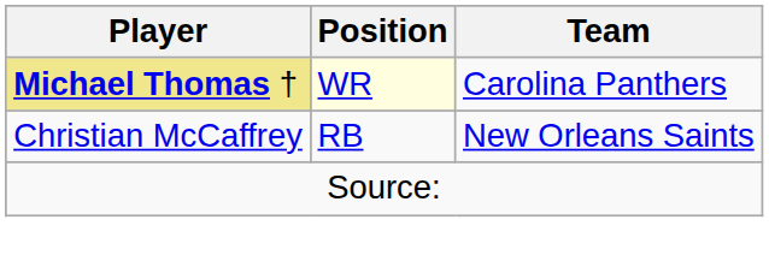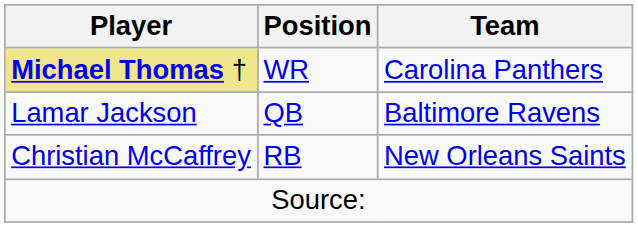 <table class="wikitable sortable">
 <tr>
 <th>Player</th>
 <th>Position</th>
 <th>Team</th>
 </tr>
 <tr>
 <td style="background-color:Khaki; border:1px solid #aaaaaa"><strong><a href='#'>Michael Thomas</a></strong> †</td>
-<td style="background: lightyellow;"><a href='#'>WR</a></td>
+<td><a href='#'>WR</a></td>
 <td><a href='#'>Carolina Panthers</a></td>
+</tr>
+<tr>
+<td><a href='#'>Lamar Jackson</a></td>
+<td><a href='#'>QB</a></td>
+<td><a href='#'>Baltimore Ravens</a></td>
 </tr>
 <tr>
 <td><a href='#'>Christian McCaffrey</a></td>
 <td><a href='#'>RB</a></td>
 <td><a href='#'>New Orleans Saints</a></td>
 </tr>
 <tr>
 <td colspan="3" style="text-align:center;">Source:</td>
 </tr>
 </table>
